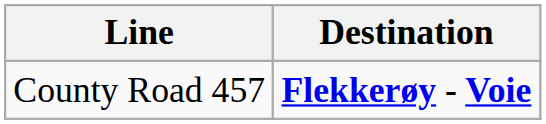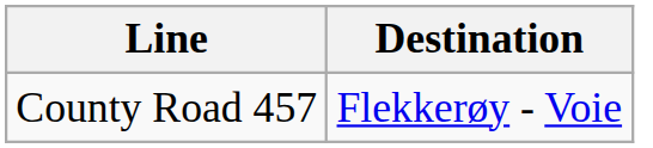 <table class="wikitable sortable">
 <tr>
 <th>Line</th>
 <th>Destination</th>
 </tr>
 <tr>
 <td>County Road 457</td>
-<td><strong><a href='#'>Flekkerøy</a> - <a href='#'>Voie</a></strong></td>
+<td><a href='#'>Flekkerøy</a> - <a href='#'>Voie</a></td>
 </tr>
 </table>
